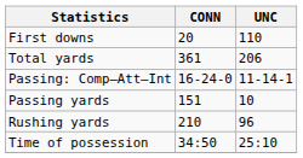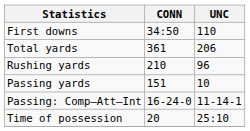 <table class="wikitable" style="float: left;">
 <tr>
 <th>Statistics</th>
 <th>CONN</th>
 <th>UNC</th>
 </tr>
 <tr>
 <td>First downs</td>
-<td>20</td>
+<td>34:50</td>
 <td>110</td>
 </tr>
 <tr>
 <td>Total yards</td>
 <td>361</td>
 <td>206</td>
 </tr>
 <tr>
-<td>Passing: Comp–Att–Int</td>
-<td>16-24-0</td>
-<td>11-14-1</td>
+<td>Rushing yards</td>
+<td>210</td>
+<td>96</td>
 </tr>
 <tr>
 <td>Passing yards</td>
 <td>151</td>
 <td>10</td>
 </tr>
 <tr>
-<td>Rushing yards</td>
-<td>210</td>
-<td>96</td>
+<td>Passing: Comp–Att–Int</td>
+<td>16-24-0</td>
+<td>11-14-1</td>
 </tr>
 <tr>
 <td>Time of possession</td>
-<td>34:50</td>
+<td>20</td>
 <td>25:10</td>
 </tr>
 <tr>
 </tr>
 </table>
